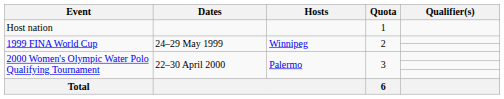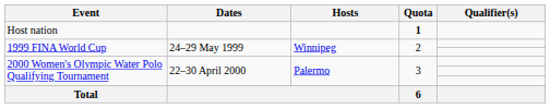 <table class="wikitable" style="width: 800px;">
 <tr>
 <th style="width: 30%;">Event</th>
 <th style-"width: 23%;">Dates</th>
 <th style="width: 20%;">Hosts</th>
 <th style="width: 7%;">Quota</th>
 <th style="width: 20%;">Qualifier(s)</th>
 </tr>
 <tr>
 <td>Host nation</td>
 <td></td>
 <td></td>
-<td align="center">1</td>
+<td align="center"><strong>1</strong></td>
 <td></td>
 </tr>
 <tr>
 <td rowspan=2><a href='#'>1999 FINA World Cup</a></td>
 <td rowspan=2>24–29 May 1999</td>
 <td rowspan=2> <a href='#'>Winnipeg</a></td>
 <td rowspan=2 align="center">2</td>
 <td></td>
 </tr>
 <tr>
 <td></td>
 </tr>
 <tr>
 <td rowspan=3><a href='#'>2000 Women's Olympic Water Polo Qualifying Tournament</a></td>
 <td rowspan=3>22–30 April 2000</td>
 <td rowspan=3> <a href='#'>Palermo</a></td>
 <td rowspan=3 align="center">3</td>
 <td></td>
 </tr>
 <tr>
 <td></td>
 </tr>
 <tr>
 <td></td>
 </tr>
 <tr>
 <th>Total</th>
 <th colspan="2"></th>
 <th>6</th>
 <th></th>
 </tr>
 </table>
